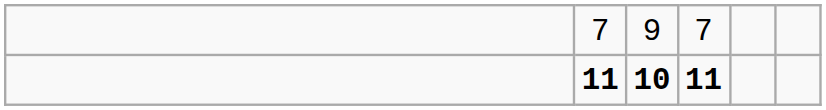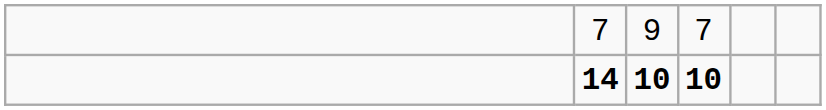 <table class="wikitable">
 <tr>
 <td style="width:18em"></td>
 <td align=center style="width:1em">7</td>
 <td align=center style="width:1em">9</td>
 <td align=center style="width:1em">7</td>
 <td align=center style="width:1em"></td>
 <td align=center style="width:1em"></td>
 </tr>
 <tr>
 <td style="width:18em"></td>
-<td align=center style="width:1em"><strong>11</strong></td>
+<td align=center style="width:1em"><strong>14</strong></td>
 <td align=center style="width:1em"><strong>10</strong></td>
-<td align=center style="width:1em"><strong>11</strong></td>
+<td align=center style="width:1em"><strong>10</strong></td>
 <td align=center style="width:1em"></td>
 <td align=center style="width:1em"></td>
 </tr>
 </table>
